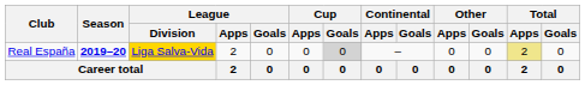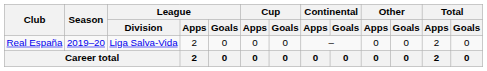 <table class="wikitable" style="text-align: center">
 <tr>
 <th rowspan="2">Club</th>
 <th rowspan="2">Season</th>
 <th colspan="3">League</th>
 <th colspan="2">Cup</th>
 <th colspan="2">Continental</th>
 <th colspan="2">Other</th>
 <th colspan="2">Total</th>
 </tr>
 <tr>
 <th>Division</th>
 <th>Apps</th>
 <th>Goals</th>
 <th>Apps</th>
 <th>Goals</th>
 <th>Apps</th>
 <th>Goals</th>
 <th>Apps</th>
 <th>Goals</th>
 <th>Apps</th>
 <th>Goals</th>
 </tr>
 <tr>
 <td><a href='#'>Real España</a></td>
-<td><strong><a href='#'>2019–20</a></strong></td>
-<td style="background: gold;"><a href='#'>Liga Salva-Vida</a></td>
+<td><a href='#'>2019–20</a></td>
+<td><a href='#'>Liga Salva-Vida</a></td>
 <td>2</td>
 <td>0</td>
 <td>0</td>
-<td style="background: lightgrey;">0</td>
+<td>0</td>
 <td colspan="2">–</td>
 <td>0</td>
 <td>0</td>
-<td style="background: khaki;">2</td>
+<td>2</td>
 <td>0</td>
 </tr>
 <tr>
 <th colspan=3>Career total</th>
 <th>2</th>
 <th>0</th>
 <th>0</th>
 <th>0</th>
 <th>0</th>
 <th>0</th>
 <th>0</th>
 <th>0</th>
 <th>2</th>
 <th>0</th>
 </tr>
 </table>
